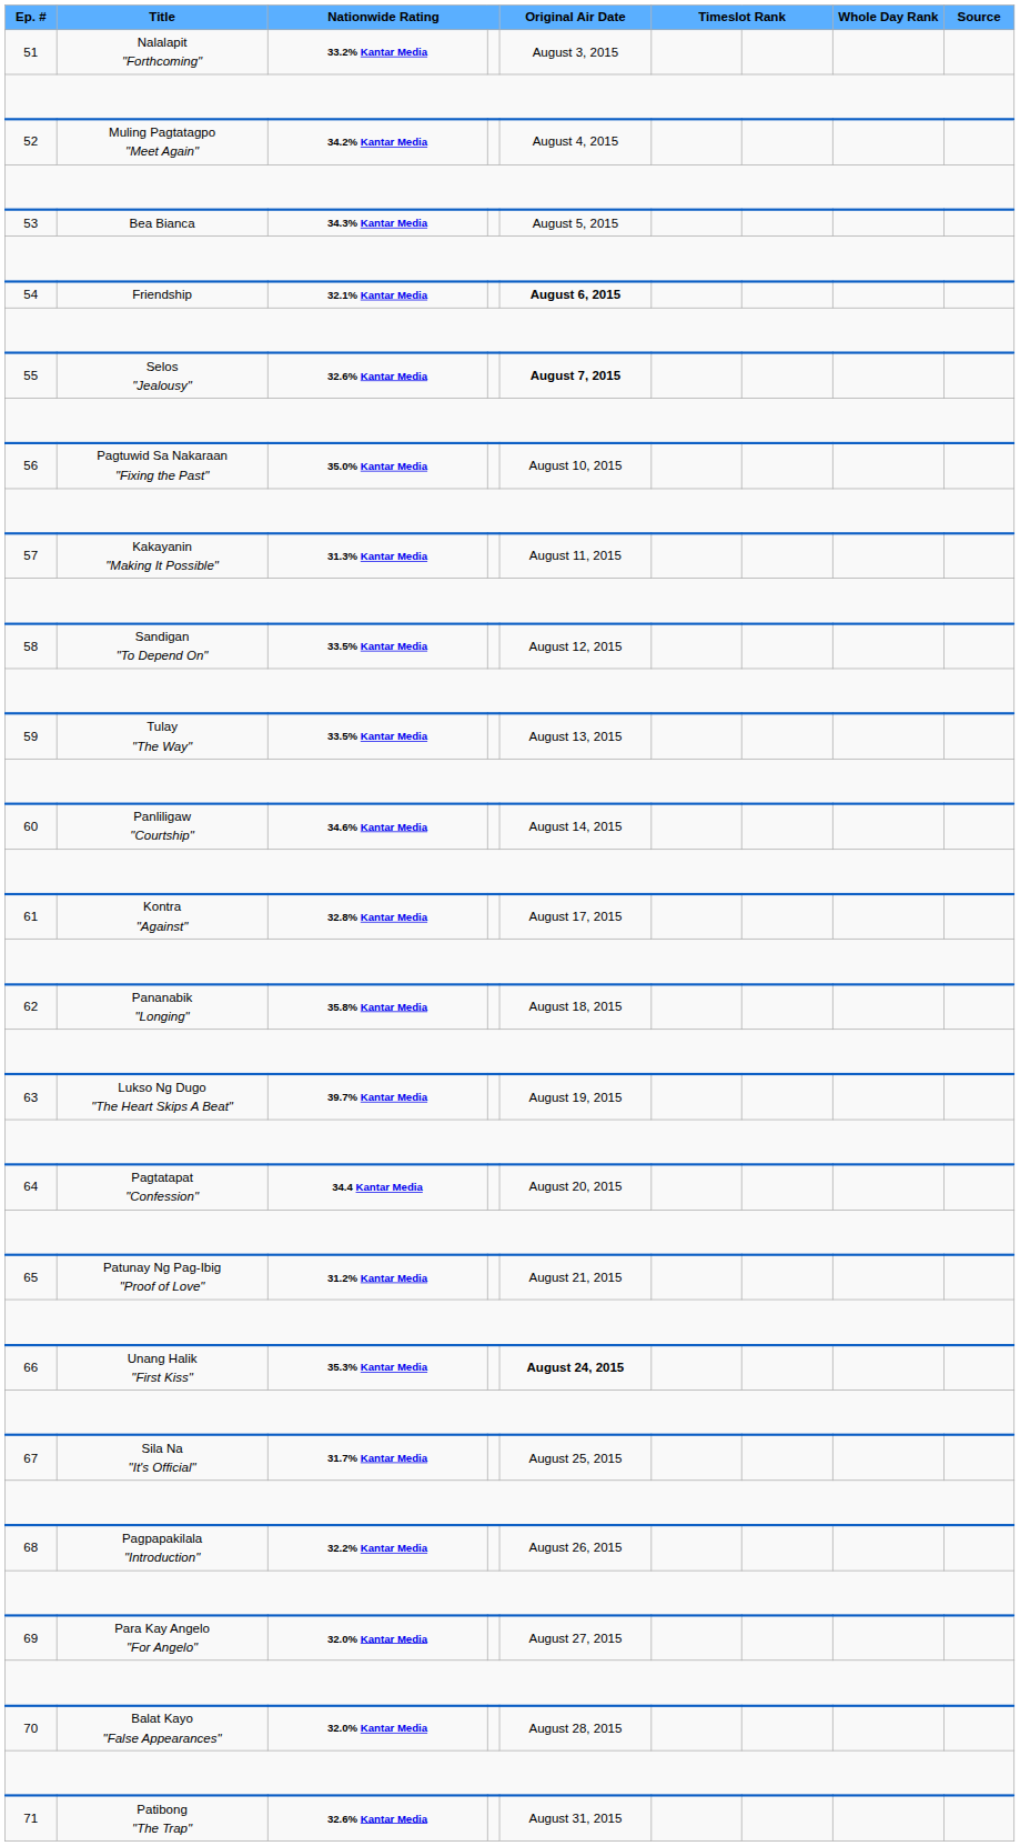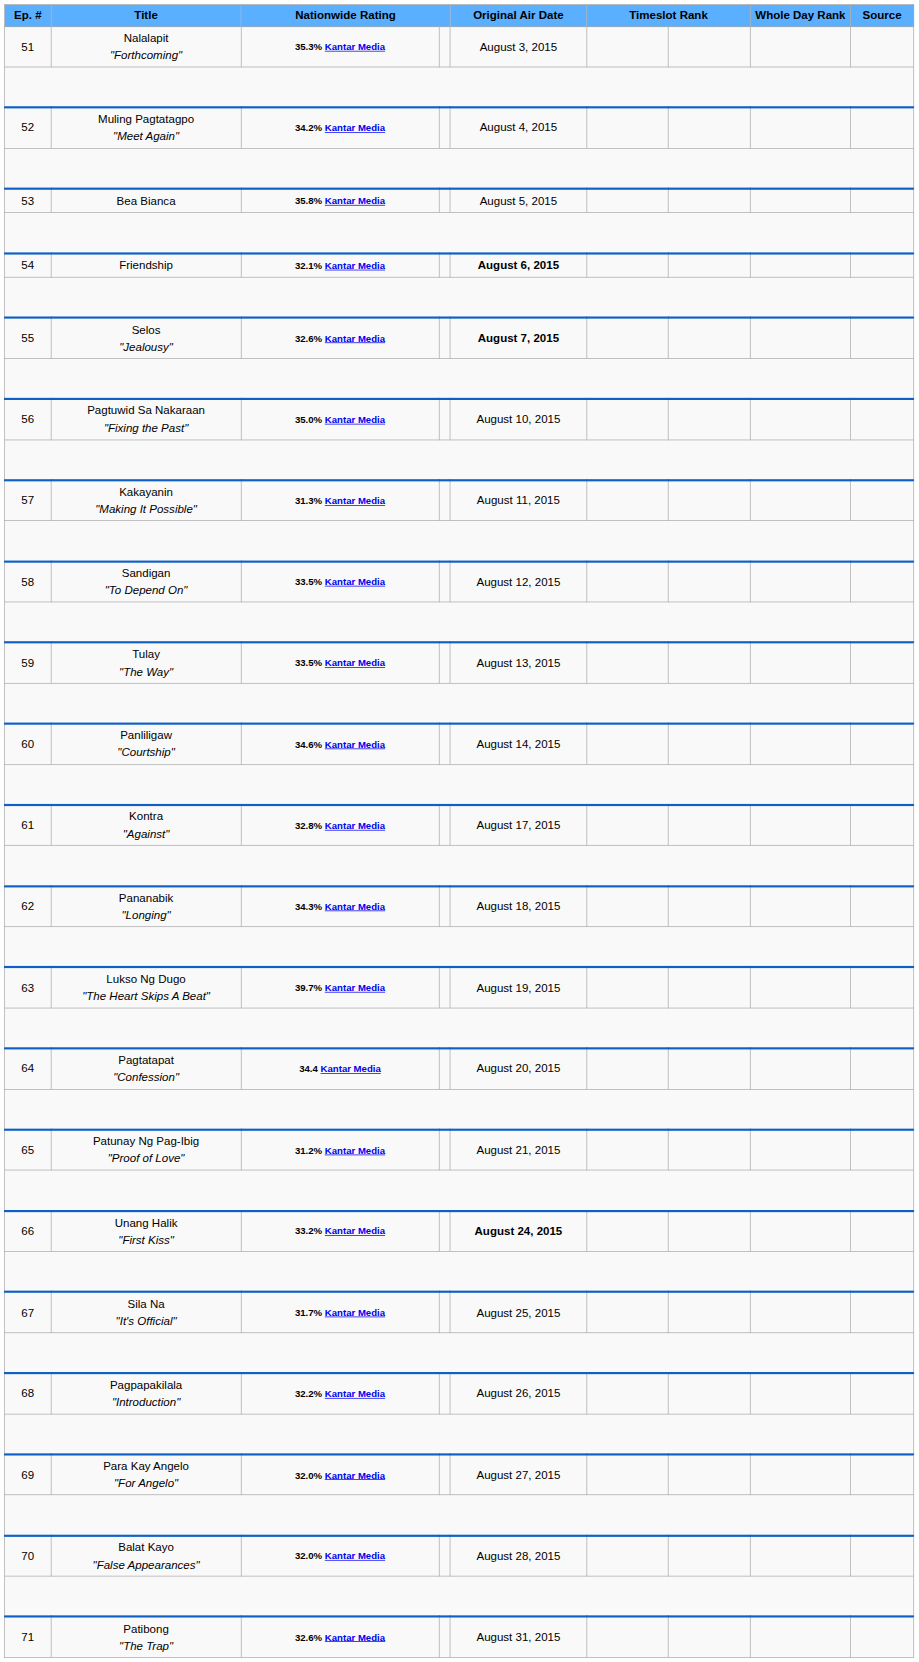 <table class="wikitable" style="text-align: center; background:#f9f9f9; line-height:16px; line-height:150%" width="100%">
 <tr style="color:black;">
 <th style="background:#5AAFFF;">Ep. #</th>
 <th style="background:#5AAFFF;">Title</th>
 <th style="background:#5AAFFF;" colspan="2" width="23%">Nationwide Rating</th>
 <th style="background:#5AAFFF;">Original Air Date</th>
 <th style="background:#5AAFFF;" colspan="2" width="18%">Timeslot Rank</th>
 <th style="background:#5AAFFF;" width="11%">Whole Day Rank</th>
 <th style="background:#5AAFFF;">Source</th>
 </tr>
 <tr style="text-align: center">
 <td>51</td>
 <td>Nalalapit <br> <em>"Forthcoming"</em></td>
-<td><small><strong>33.2% <a href='#'>Kantar Media</a></strong></small></td>
+<td><small><strong>35.3% <a href='#'>Kantar Media</a></strong></small></td>
 <td></td>
 <td>August 3, 2015</td>
 <td></td>
 <td></td>
 <td></td>
 <td></td>
 </tr>
 <tr style="text-align: center">
 <td colspan = "10" style="text-align: left; border-bottom: 3px solid #0e60c5;"><br><br></td>
 </tr>
 <tr style="text-align: center">
 <td>52</td>
 <td>Muling Pagtatagpo <br> <em>"Meet Again"</em></td>
 <td><small><strong>34.2% <a href='#'>Kantar Media</a></strong></small></td>
 <td></td>
 <td>August 4, 2015</td>
 <td></td>
 <td></td>
 <td></td>
 <td></td>
 </tr>
 <tr style="text-align: center">
 <td colspan = "10" style="text-align: left; border-bottom: 3px solid #0e60c5;"><br><br></td>
 </tr>
 <tr style="text-align: center">
 <td>53</td>
 <td>Bea Bianca</td>
-<td><small><strong>34.3% <a href='#'>Kantar Media</a></strong></small></td>
+<td><small><strong>35.8% <a href='#'>Kantar Media</a></strong></small></td>
 <td></td>
 <td>August 5, 2015</td>
 <td></td>
 <td></td>
 <td></td>
 <td></td>
 </tr>
 <tr style="text-align: center">
 <td colspan = "10" style="text-align: left; border-bottom: 3px solid #0e60c5;"><br><br></td>
 </tr>
 <tr style="text-align: center">
 <td>54</td>
 <td>Friendship</td>
 <td><small><strong>32.1% <a href='#'>Kantar Media</a></strong></small></td>
 <td></td>
 <td><strong>August 6, 2015</strong></td>
 <td></td>
 <td></td>
 <td></td>
 <td></td>
 </tr>
 <tr style="text-align: center">
 <td colspan = "10" style="text-align: left; border-bottom: 3px solid #0e60c5;"><br><br></td>
 </tr>
 <tr style="text-align: center">
 <td>55</td>
 <td>Selos <br> <em>"Jealousy"</em></td>
 <td><small><strong>32.6% <a href='#'>Kantar Media</a></strong></small></td>
 <td></td>
 <td><strong>August 7, 2015</strong></td>
 <td></td>
 <td></td>
 <td></td>
 <td></td>
 </tr>
 <tr style="text-align: center">
 <td colspan = "10" style="text-align: left; border-bottom: 3px solid #0e60c5;"><br><br></td>
 </tr>
 <tr style="text-align: center">
 <td>56</td>
 <td>Pagtuwid Sa Nakaraan <br> <em>"Fixing the Past"</em></td>
 <td><small><strong>35.0% <a href='#'>Kantar Media</a></strong></small></td>
 <td></td>
 <td>August 10, 2015</td>
 <td></td>
 <td></td>
 <td></td>
 <td></td>
 </tr>
 <tr style="text-align: center">
 <td colspan = "10" style="text-align: left; border-bottom: 3px solid #0e60c5;"><br><br></td>
 </tr>
 <tr style="text-align: center">
 <td>57</td>
 <td>Kakayanin <br> <em>"Making It Possible"</em></td>
 <td><small><strong>31.3% <a href='#'>Kantar Media</a></strong></small></td>
 <td></td>
 <td>August 11, 2015</td>
 <td></td>
 <td></td>
 <td></td>
 <td></td>
 </tr>
 <tr style="text-align: center">
 <td colspan = "10" style="text-align: left; border-bottom: 3px solid #0e60c5;"><br><br></td>
 </tr>
 <tr style="text-align: center">
 <td>58</td>
 <td>Sandigan <br> <em>"To Depend On"</em></td>
 <td><small><strong>33.5% <a href='#'>Kantar Media</a></strong></small></td>
 <td></td>
 <td>August 12, 2015</td>
 <td></td>
 <td></td>
 <td></td>
 <td></td>
 </tr>
 <tr style="text-align: center">
 <td colspan = "10" style="text-align: left; border-bottom: 3px solid #0e60c5;"><br><br></td>
 </tr>
 <tr style="text-align: center">
 <td>59</td>
 <td>Tulay <br> <em>"The Way"</em></td>
 <td><small><strong>33.5% <a href='#'>Kantar Media</a></strong></small></td>
 <td></td>
 <td>August 13, 2015</td>
 <td></td>
 <td></td>
 <td></td>
 <td></td>
 </tr>
 <tr style="text-align: center">
 <td colspan = "10" style="text-align: left; border-bottom: 3px solid #0e60c5;"><br><br></td>
 </tr>
 <tr style="text-align: center">
 <td>60</td>
 <td>Panliligaw <br> <em>"Courtship"</em></td>
 <td><small><strong>34.6% <a href='#'>Kantar Media</a></strong></small></td>
 <td></td>
 <td>August 14, 2015</td>
 <td></td>
 <td></td>
 <td></td>
 <td></td>
 </tr>
 <tr style="text-align: center">
 <td colspan = "10" style="text-align: left; border-bottom: 3px solid #0e60c5;"><br><br></td>
 </tr>
 <tr style="text-align: center">
 <td>61</td>
 <td>Kontra <br> <em>"Against"</em></td>
 <td><small><strong>32.8% <a href='#'>Kantar Media</a></strong></small></td>
 <td></td>
 <td>August 17, 2015</td>
 <td></td>
 <td></td>
 <td></td>
 <td></td>
 </tr>
 <tr style="text-align: center">
 <td colspan = "10" style="text-align: left; border-bottom: 3px solid #0e60c5;"><br><br></td>
 </tr>
 <tr style="text-align: center">
 <td>62</td>
 <td>Pananabik <br> <em>"Longing"</em></td>
-<td><small><strong>35.8% <a href='#'>Kantar Media</a></strong></small></td>
+<td><small><strong>34.3% <a href='#'>Kantar Media</a></strong></small></td>
 <td></td>
 <td>August 18, 2015</td>
 <td></td>
 <td></td>
 <td></td>
 <td></td>
 </tr>
 <tr style="text-align: center">
 <td colspan = "10" style="text-align: left; border-bottom: 3px solid #0e60c5;"><br><br></td>
 </tr>
 <tr style="text-align: center">
 <td>63</td>
 <td>Lukso Ng Dugo <br> <em>"The Heart Skips A Beat"</em></td>
 <td><small> <strong>39.7%  <a href='#'>Kantar Media</a></strong></small></td>
 <td></td>
 <td>August 19, 2015</td>
 <td></td>
 <td></td>
 <td></td>
 <td></td>
 </tr>
 <tr style="text-align: center">
 <td colspan = "10" style="text-align: left; border-bottom: 3px solid #0e60c5;"><br><br></td>
 </tr>
 <tr style="text-align: center">
 <td>64</td>
 <td>Pagtatapat <br> <em>"Confession"</em></td>
 <td><small><strong>34.4 <a href='#'>Kantar Media</a></strong></small></td>
 <td></td>
 <td>August 20, 2015</td>
 <td></td>
 <td></td>
 <td></td>
 <td></td>
 </tr>
 <tr style="text-align: center">
 <td colspan = "10" style="text-align: left; border-bottom: 3px solid #0e60c5;"><br><br></td>
 </tr>
 <tr style="text-align: center">
 <td>65</td>
 <td>Patunay Ng Pag-Ibig <br> <em>"Proof of Love"</em></td>
 <td><small><strong>31.2% <a href='#'>Kantar Media</a></strong></small></td>
 <td></td>
 <td>August 21, 2015</td>
 <td></td>
 <td></td>
 <td></td>
 <td></td>
 </tr>
 <tr style="text-align: center">
 <td colspan = "10" style="text-align: left; border-bottom: 3px solid #0e60c5;"><br><br></td>
 </tr>
 <tr style="text-align: center">
 <td>66</td>
 <td>Unang Halik <br> <em>"First Kiss"</em></td>
-<td><small><strong>35.3% <a href='#'>Kantar Media</a></strong></small></td>
+<td><small><strong>33.2% <a href='#'>Kantar Media</a></strong></small></td>
 <td></td>
 <td><strong>August 24, 2015</strong></td>
 <td></td>
 <td></td>
 <td></td>
 <td></td>
 </tr>
 <tr style="text-align: center">
 <td colspan = "10" style="text-align: left; border-bottom: 3px solid #0e60c5;"><br><br></td>
 </tr>
 <tr style="text-align: center">
 <td>67</td>
 <td>Sila Na <br> <em>"It's Official"</em></td>
 <td><small><strong>31.7% <a href='#'>Kantar Media</a></strong></small></td>
 <td></td>
 <td>August 25, 2015</td>
 <td></td>
 <td></td>
 <td></td>
 <td></td>
 </tr>
 <tr style="text-align: center">
 <td colspan = "10" style="text-align: left; border-bottom: 3px solid #0e60c5;"><br><br></td>
 </tr>
 <tr style="text-align: center">
 <td>68</td>
 <td>Pagpapakilala <br> <em>"Introduction"</em></td>
 <td><small><strong>32.2% <a href='#'>Kantar Media</a></strong></small></td>
 <td></td>
 <td>August 26, 2015</td>
 <td></td>
 <td></td>
 <td></td>
 <td></td>
 </tr>
 <tr style="text-align: center">
 <td colspan = "10" style="text-align: left; border-bottom: 3px solid #0e60c5;"><br><br></td>
 </tr>
 <tr style="text-align: center">
 <td>69</td>
 <td>Para Kay Angelo <br> <em>"For Angelo"</em></td>
 <td><small> <strong>32.0% <a href='#'>Kantar Media</a></strong></small></td>
 <td></td>
 <td>August 27, 2015</td>
 <td></td>
 <td></td>
 <td></td>
 <td></td>
 </tr>
 <tr style="text-align: center">
 <td colspan = "10" style="text-align: left; border-bottom: 3px solid #0e60c5;"><br><br></td>
 </tr>
 <tr style="text-align: center">
 <td>70</td>
 <td>Balat Kayo <br> <em>"False Appearances"</em></td>
 <td><small><strong>32.0% <a href='#'>Kantar Media</a></strong></small></td>
 <td></td>
 <td>August 28, 2015</td>
 <td></td>
 <td></td>
 <td></td>
 <td></td>
 </tr>
 <tr style="text-align: center">
 <td colspan = "10" style="text-align: left; border-bottom: 3px solid #0e60c5;"><br><br></td>
 </tr>
 <tr style="text-align: center">
 <td>71</td>
 <td>Patibong <br> <em>"The Trap"</em></td>
 <td><small><strong>32.6% <a href='#'>Kantar Media</a></strong></small></td>
 <td></td>
 <td>August 31, 2015</td>
 <td></td>
 <td></td>
 <td></td>
 <td></td>
 </tr>
 </table>
